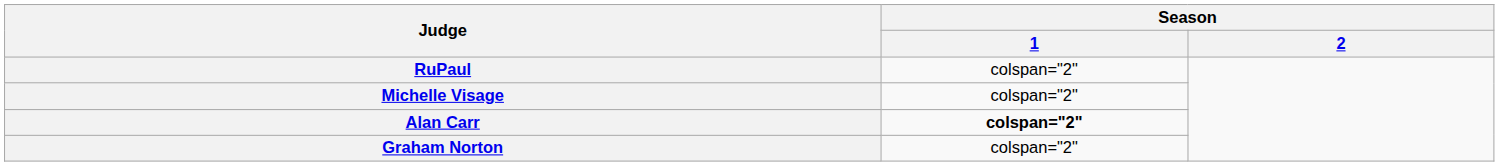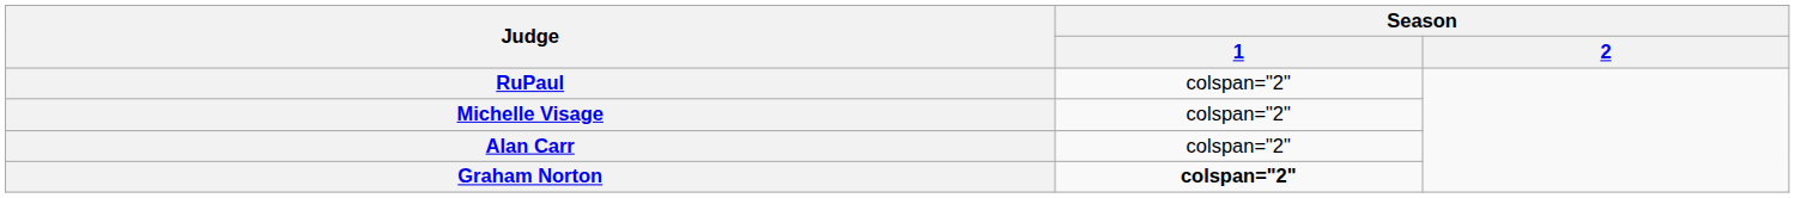 <table class="wikitable plainrowheaders" style="text-align:center">
 <tr>
 <th rowspan="2" style="width:20%;" scope="col">Judge</th>
 <th colspan="2">Season</th>
 </tr>
 <tr>
 <th style="width:7%;" scope="colspan"><a href='#'>1</a></th>
 <th style="width:7%;" scope="colspan"><a href='#'>2</a></th>
 </tr>
 <tr>
 <th scope="row" style="text-align: center;"><a href='#'>RuPaul</a></th>
 <td>colspan="2" </td>
 </tr>
 <tr>
 <th scope="row" style="text-align: center;"><a href='#'>Michelle Visage</a></th>
 <td>colspan="2" </td>
 </tr>
 <tr>
 <th scope="row" style="text-align: center;"><a href='#'>Alan Carr</a></th>
-<td><strong>colspan="2" </strong></td>
+<td>colspan="2" </td>
 </tr>
 <tr>
 <th scope="row" style="text-align: center;"><a href='#'>Graham Norton</a></th>
-<td>colspan="2" </td>
+<td><strong>colspan="2" </strong></td>
 </tr>
 </table>
